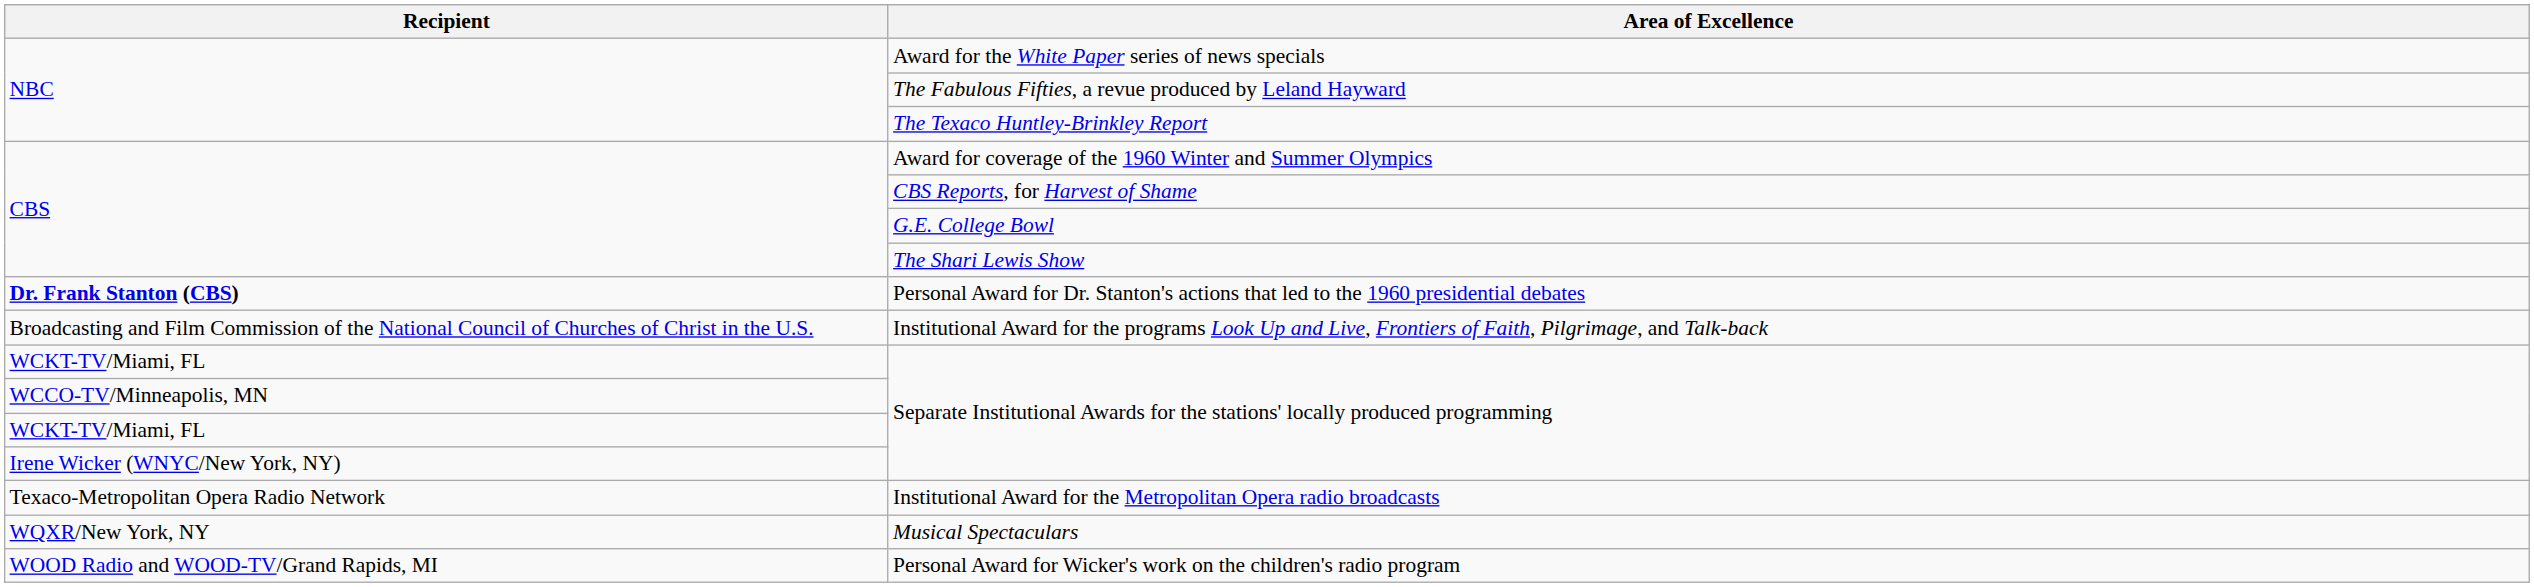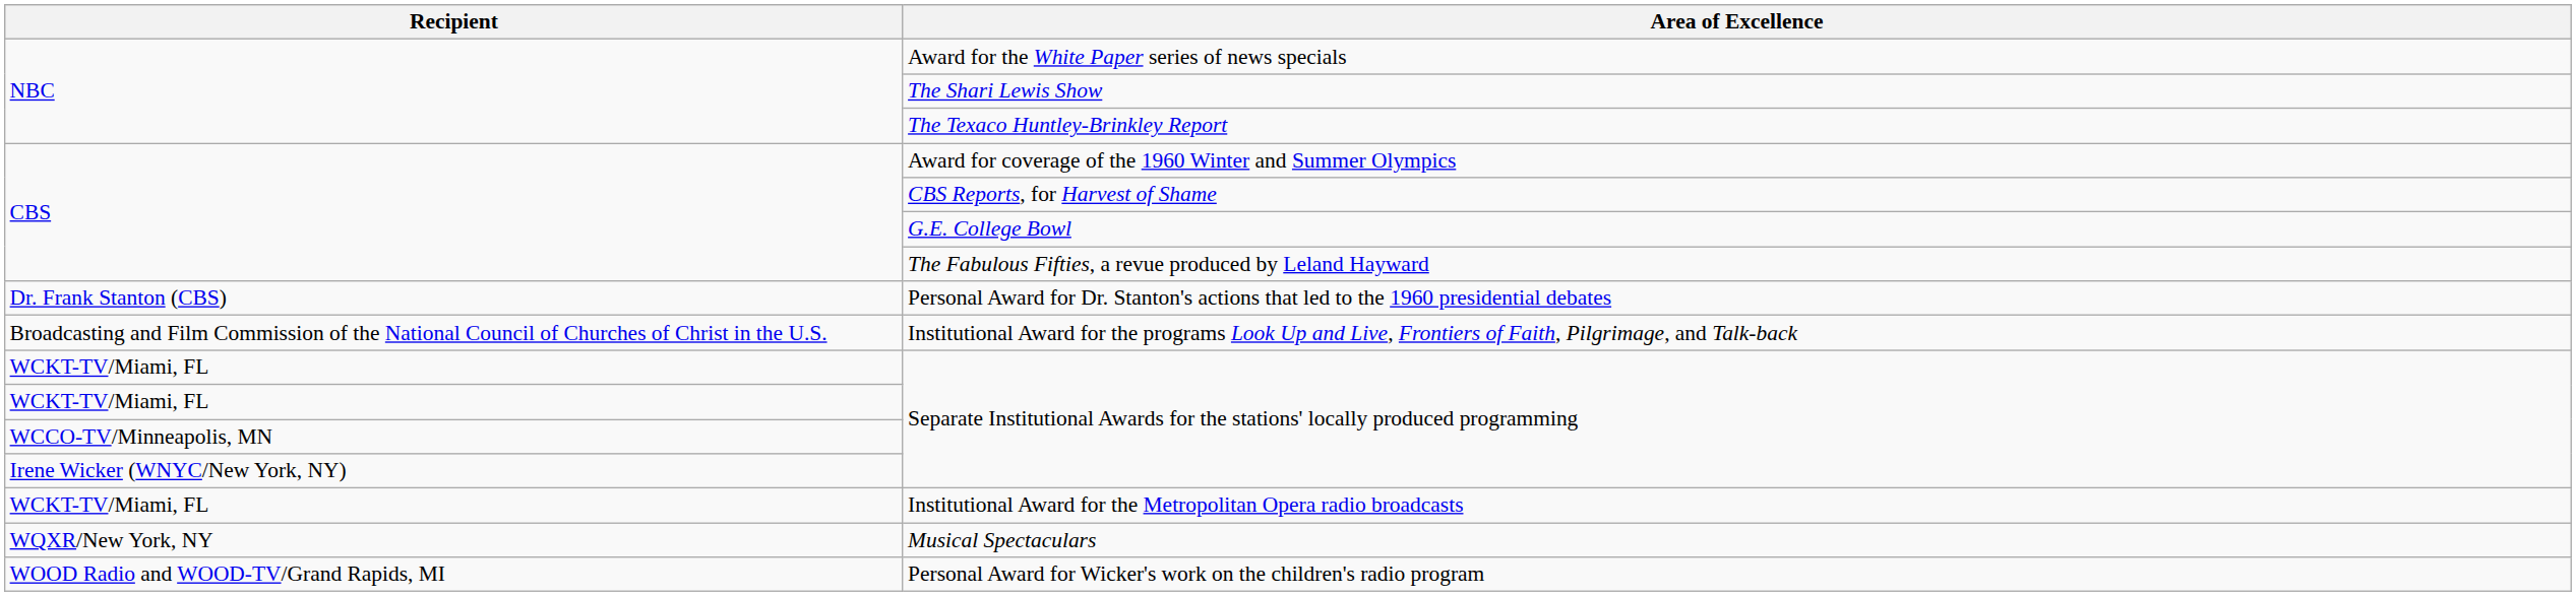 <table class="wikitable" style="width:95%">
 <tr bgcolor="#CCCCCC">
 <th width=35%>Recipient</th>
 <th width=65%>Area of Excellence</th>
 </tr>
 <tr>
 <td rowspan="3"><a href='#'>NBC</a></td>
 <td>Award for the <em><a href='#'>White Paper</a></em> series of news specials</td>
 </tr>
 <tr>
-<td><em>The Fabulous Fifties</em>, a revue produced by <a href='#'>Leland Hayward</a></td>
+<td><em><a href='#'>The Shari Lewis Show</a></em></td>
 </tr>
 <tr>
 <td><em><a href='#'>The Texaco Huntley-Brinkley Report</a></em></td>
 </tr>
 <tr>
 <td rowspan="4"><a href='#'>CBS</a></td>
 <td>Award for coverage of the <a href='#'>1960 Winter</a> and <a href='#'>Summer Olympics</a></td>
 </tr>
 <tr>
 <td><em><a href='#'>CBS Reports</a></em>, for <em><a href='#'>Harvest of Shame</a></em></td>
 </tr>
 <tr>
 <td><em><a href='#'>G.E. College Bowl</a></em></td>
 </tr>
 <tr>
-<td><em><a href='#'>The Shari Lewis Show</a></em></td>
+<td><em>The Fabulous Fifties</em>, a revue produced by <a href='#'>Leland Hayward</a></td>
 </tr>
 <tr>
-<td><strong><a href='#'>Dr. Frank Stanton</a> (<a href='#'>CBS</a>)</strong></td>
+<td><a href='#'>Dr. Frank Stanton</a> (<a href='#'>CBS</a>)</td>
 <td>Personal Award for Dr. Stanton's actions that led to the <a href='#'>1960 presidential debates</a></td>
 </tr>
 <tr>
 <td>Broadcasting and Film Commission of the <a href='#'>National Council of Churches of Christ in the U.S.</a></td>
 <td>Institutional Award for the programs <em><a href='#'>Look Up and Live</a></em>, <em><a href='#'>Frontiers of Faith</a></em>, <em>Pilgrimage</em>, and <em>Talk-back</em></td>
 </tr>
 <tr>
 <td><a href='#'>WCKT-TV</a>/Miami, FL</td>
 <td rowspan="4">Separate Institutional Awards for the stations' locally produced programming</td>
 </tr>
 <tr>
-<td><a href='#'>WCCO-TV</a>/Minneapolis, MN</td>
+<td><a href='#'>WCKT-TV</a>/Miami, FL</td>
 </tr>
 <tr>
-<td><a href='#'>WCKT-TV</a>/Miami, FL</td>
+<td><a href='#'>WCCO-TV</a>/Minneapolis, MN</td>
 </tr>
 <tr>
 <td><a href='#'>Irene Wicker</a> (<a href='#'>WNYC</a>/New York, NY)</td>
 </tr>
 <tr>
-<td>Texaco-Metropolitan Opera Radio Network</td>
+<td><a href='#'>WCKT-TV</a>/Miami, FL</td>
 <td>Institutional Award for the <a href='#'>Metropolitan Opera radio broadcasts</a></td>
 </tr>
 <tr>
 <td><a href='#'>WQXR</a>/New York, NY</td>
 <td><em>Musical Spectaculars</em></td>
 </tr>
 <tr>
 <td><a href='#'>WOOD Radio</a> and <a href='#'>WOOD-TV</a>/Grand Rapids, MI</td>
 <td>Personal Award for Wicker's work on the children's radio program <em></em></td>
 </tr>
 </table>
